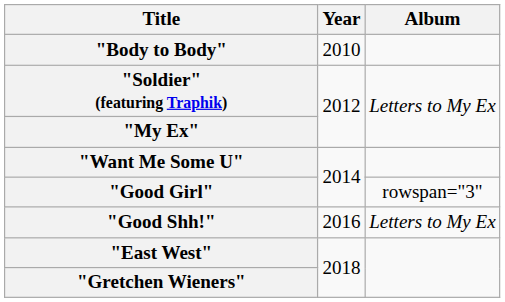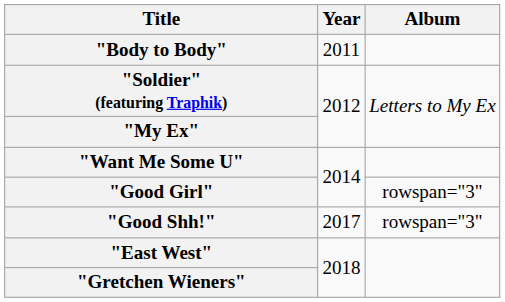 <table class="wikitable plainrowheaders" style="text-align:center;">
 <tr>
 <th scope="col" style="width:16em;">Title</th>
 <th scope="col">Year</th>
 <th scope="col">Album</th>
 </tr>
 <tr>
 <th scope="row">"Body to Body"</th>
-<td>2010</td>
+<td>2011</td>
 <td></td>
 </tr>
 <tr>
 <th scope="row">"Soldier"<br><small>(featuring <a href='#'>Traphik</a>)</small></th>
 <td rowspan="2">2012</td>
 <td rowspan="2"><em>Letters to My Ex</em></td>
 </tr>
 <tr>
 <th scope="row">"My Ex"</th>
 </tr>
 <tr>
 <th scope="row">"Want Me Some U"</th>
 <td rowspan="2">2014</td>
 <td></td>
 </tr>
 <tr>
 <th scope="row">"Good Girl"</th>
 <td>rowspan="3" </td>
 </tr>
 <tr>
 <th scope="row">"Good Shh!"</th>
-<td>2016</td>
-<td><em>Letters to My Ex</em></td>
+<td>2017</td>
+<td>rowspan="3" </td>
 </tr>
 <tr>
 <th scope="row">"East West"</th>
 <td rowspan="2">2018</td>
 </tr>
 <tr>
 <th scope="row">"Gretchen Wieners"</th>
 </tr>
 </table>
